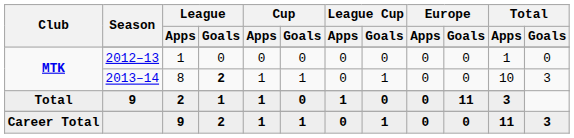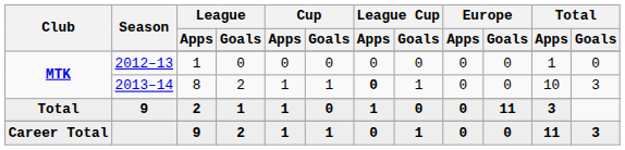 <table class="wikitable" style="font-size:90%; text-align: center;">
 <tr>
 <th rowspan="2">Club</th>
 <th rowspan="2">Season</th>
 <th colspan="2">League</th>
 <th colspan="2">Cup</th>
 <th colspan="2">League Cup</th>
 <th colspan="2">Europe</th>
 <th colspan="2">Total</th>
 </tr>
 <tr>
 <th>Apps</th>
 <th>Goals</th>
 <th>Apps</th>
 <th>Goals</th>
 <th>Apps</th>
 <th>Goals</th>
 <th>Apps</th>
 <th>Goals</th>
 <th>Apps</th>
 <th>Goals</th>
 </tr>
 <tr ||-||-||-|->
 <td rowspan="4" valign="center"><strong><a href='#'>MTK</a></strong></td>
 </tr>
 <tr>
 <td><a href='#'>2012–13</a></td>
 <td>1</td>
 <td>0</td>
 <td>0</td>
 <td>0</td>
 <td>0</td>
 <td>0</td>
 <td>0</td>
 <td>0</td>
 <td>1</td>
 <td>0</td>
 </tr>
 <tr>
 <td><a href='#'>2013–14</a></td>
 <td>8</td>
-<td><strong>2</strong></td>
+<td>2</td>
 <td>1</td>
 <td>1</td>
-<td>0</td>
+<td><strong>0</strong></td>
 <td>1</td>
 <td>0</td>
 <td>0</td>
 <td>10</td>
 <td>3</td>
 </tr>
 <tr>
 </tr>
 <tr style="font-weight:bold; background-color:#eeeeee;">
 <td>Total</td>
 <td>9</td>
 <td>2</td>
 <td>1</td>
 <td>1</td>
 <td>0</td>
 <td>1</td>
 <td>0</td>
 <td>0</td>
 <td>11</td>
 <td>3</td>
 </tr>
 <tr>
 </tr>
 <tr style="font-weight:bold; background-color:#eeeeee;">
 <td rowspan="2" valign="top"><strong>Career Total</strong></td>
 <td></td>
 <td><strong>9</strong></td>
 <td><strong>2</strong></td>
 <td><strong>1</strong></td>
 <td><strong>1</strong></td>
 <td><strong>0</strong></td>
 <td><strong>1</strong></td>
 <td><strong>0</strong></td>
 <td><strong>0</strong></td>
 <td><strong>11</strong></td>
 <td><strong>3</strong></td>
 </tr>
 </table>
